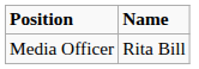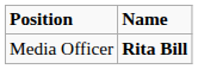 <table class="wikitable">
 <tr>
 <td><strong>Position</strong></td>
 <td><strong>Name</strong></td>
 </tr>
 <tr>
 <td>Media Officer</td>
-<td> Rita Bill</td>
+<td><strong> Rita Bill</strong></td>
 </tr>
 </table>
